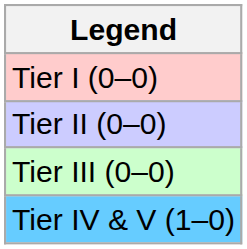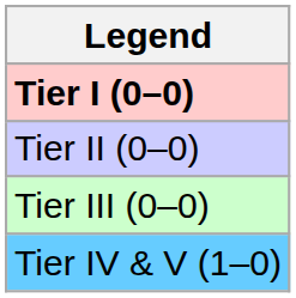 <table class="wikitable" style="font-size:90%">
 <tr>
 <th>Legend</th>
 </tr>
 <tr>
-<td style="background:#fcc;">Tier I (0–0)</td>
+<td style="background:#fcc;"><strong>Tier I (0–0)</strong></td>
 </tr>
 <tr>
 <td style="background:#ccf;">Tier II (0–0)</td>
 </tr>
 <tr>
 <td style="background:#cfc;">Tier III (0–0)</td>
 </tr>
 <tr>
 <td style="background:#6cf;">Tier IV & V (1–0)</td>
 </tr>
 </table>
